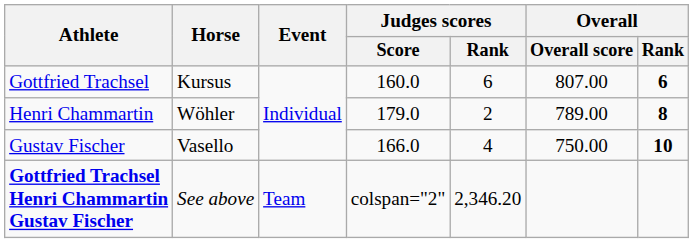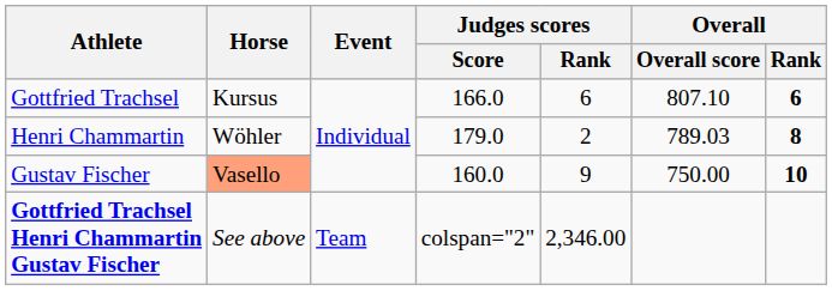 <table class=wikitable style="font-size:90%">
 <tr>
 <th rowspan="2">Athlete</th>
 <th rowspan="2">Horse</th>
 <th rowspan="2">Event</th>
 <th colspan="2">Judges scores</th>
 <th colspan="2">Overall</th>
 </tr>
 <tr style="font-size:95%">
 <th>Score</th>
 <th>Rank</th>
 <th>Overall score</th>
 <th>Rank</th>
 </tr>
 <tr align=center>
 <td align=left><a href='#'>Gottfried Trachsel</a></td>
 <td align=left>Kursus</td>
 <td rowspan="3" style="text-align:left;"><a href='#'>Individual</a></td>
-<td>160.0</td>
+<td>166.0</td>
 <td>6</td>
-<td>807.00</td>
+<td>807.10</td>
 <td><strong>6</strong></td>
 </tr>
 <tr align=center>
 <td align=left><a href='#'>Henri Chammartin</a></td>
 <td align=left>Wöhler</td>
 <td>179.0</td>
 <td>2</td>
-<td>789.00</td>
+<td>789.03</td>
 <td><strong>8</strong></td>
 </tr>
 <tr align=center>
 <td align=left><a href='#'>Gustav Fischer</a></td>
-<td align=left>Vasello</td>
-<td>166.0</td>
-<td>4</td>
+<td align=left style="background: lightsalmon;">Vasello</td>
+<td>160.0</td>
+<td>9</td>
 <td>750.00</td>
 <td><strong>10</strong></td>
 </tr>
 <tr align=center>
 <td align=left><strong><a href='#'>Gottfried Trachsel</a><br><a href='#'>Henri Chammartin</a><br><a href='#'>Gustav Fischer</a></strong></td>
 <td align=left><em>See above</em></td>
 <td align=left><a href='#'>Team</a></td>
 <td>colspan="2" </td>
-<td>2,346.20</td>
+<td>2,346.00</td>
 <td></td>
 </tr>
 </table>
